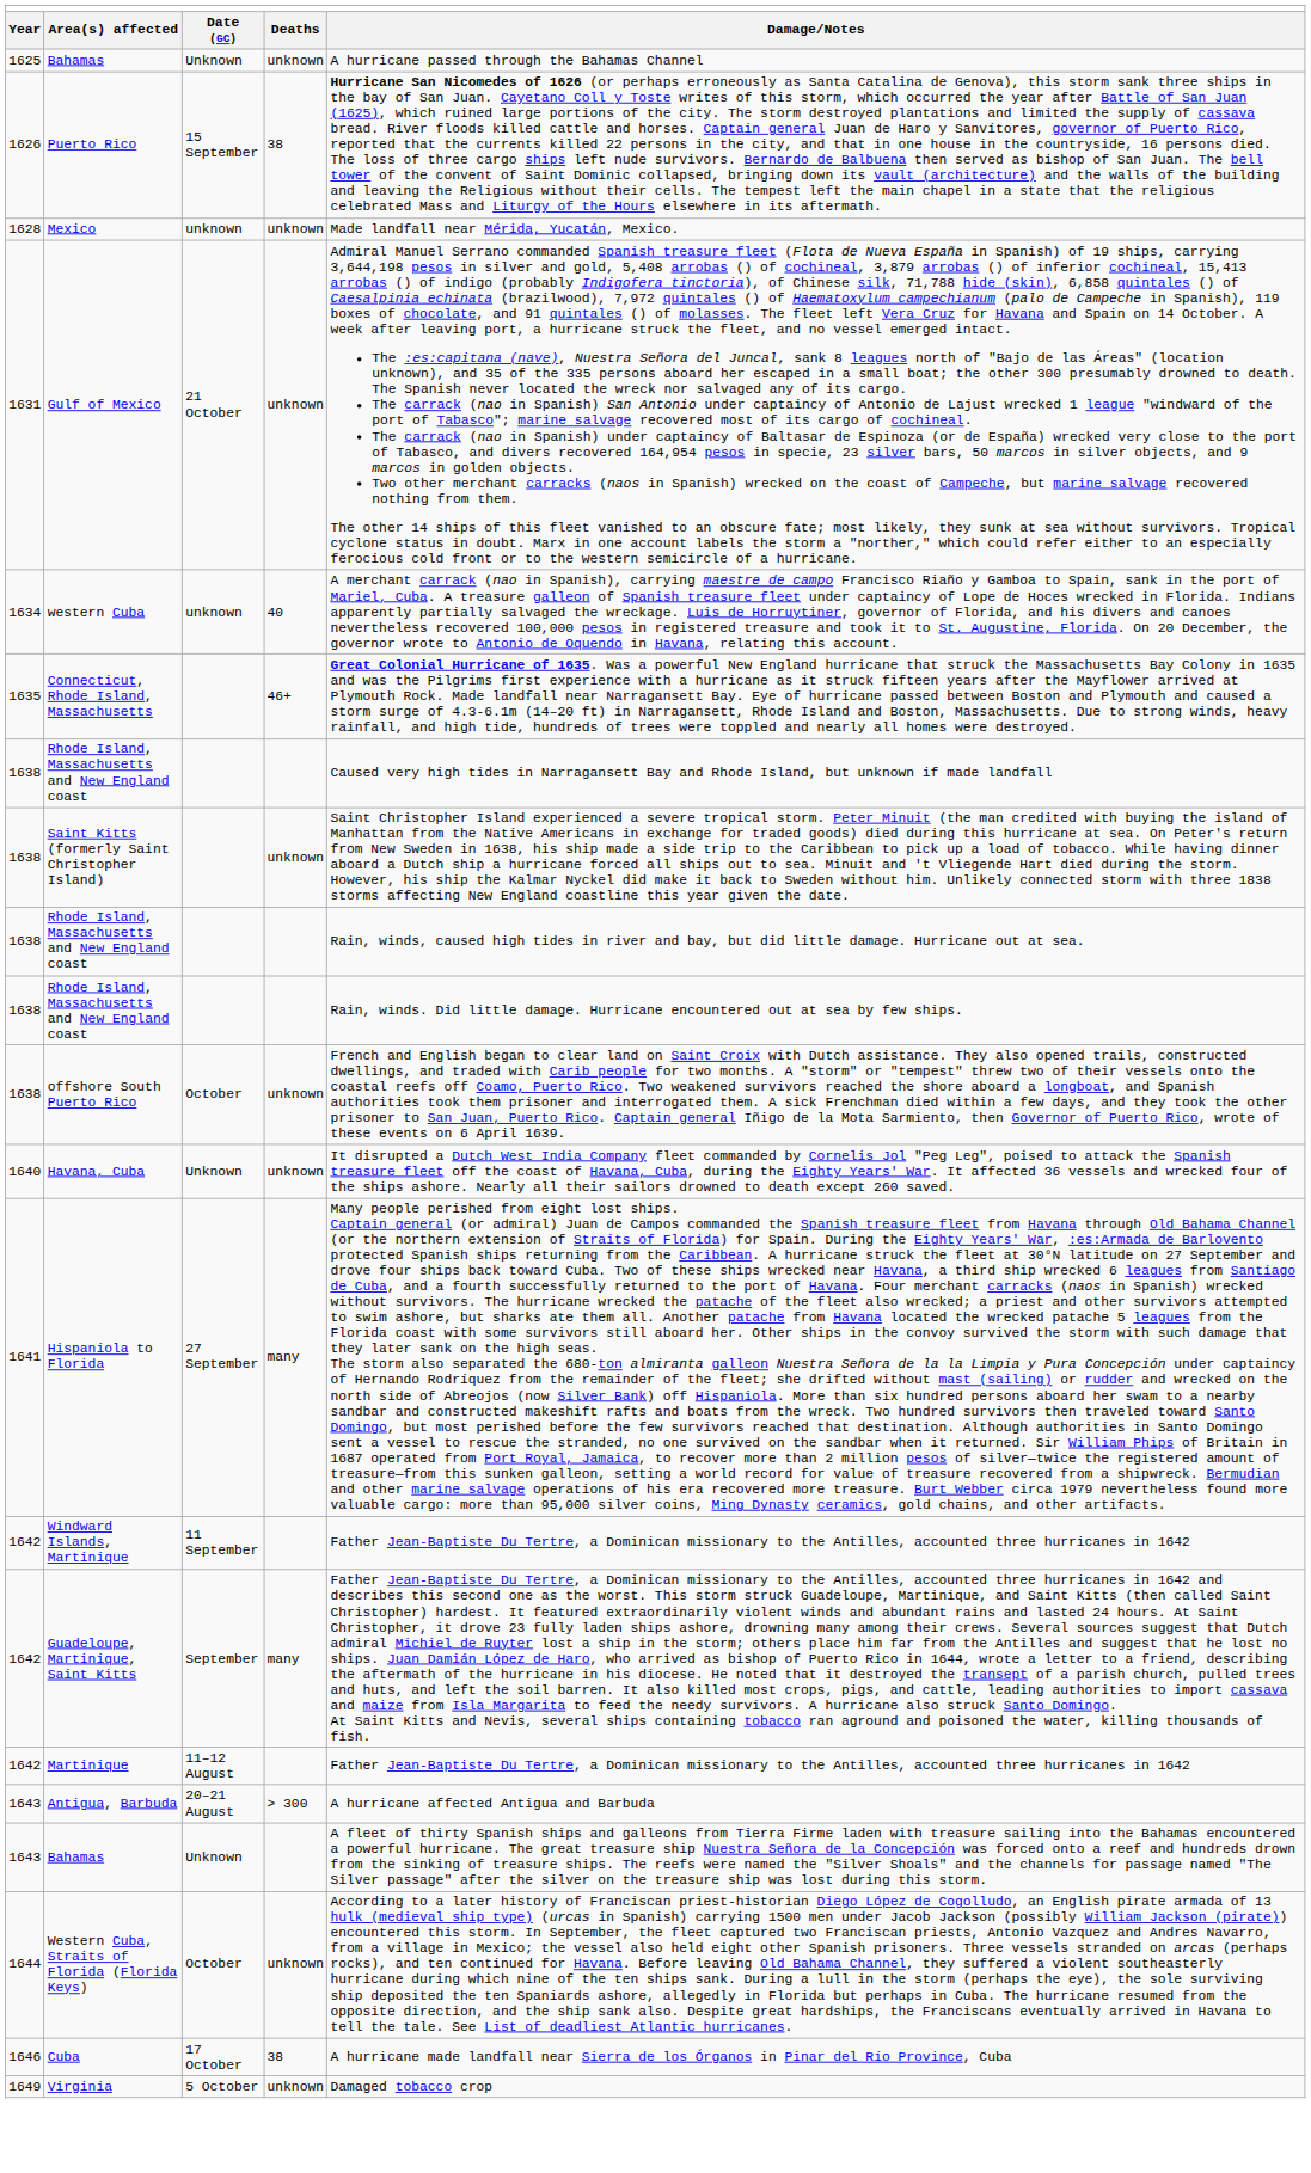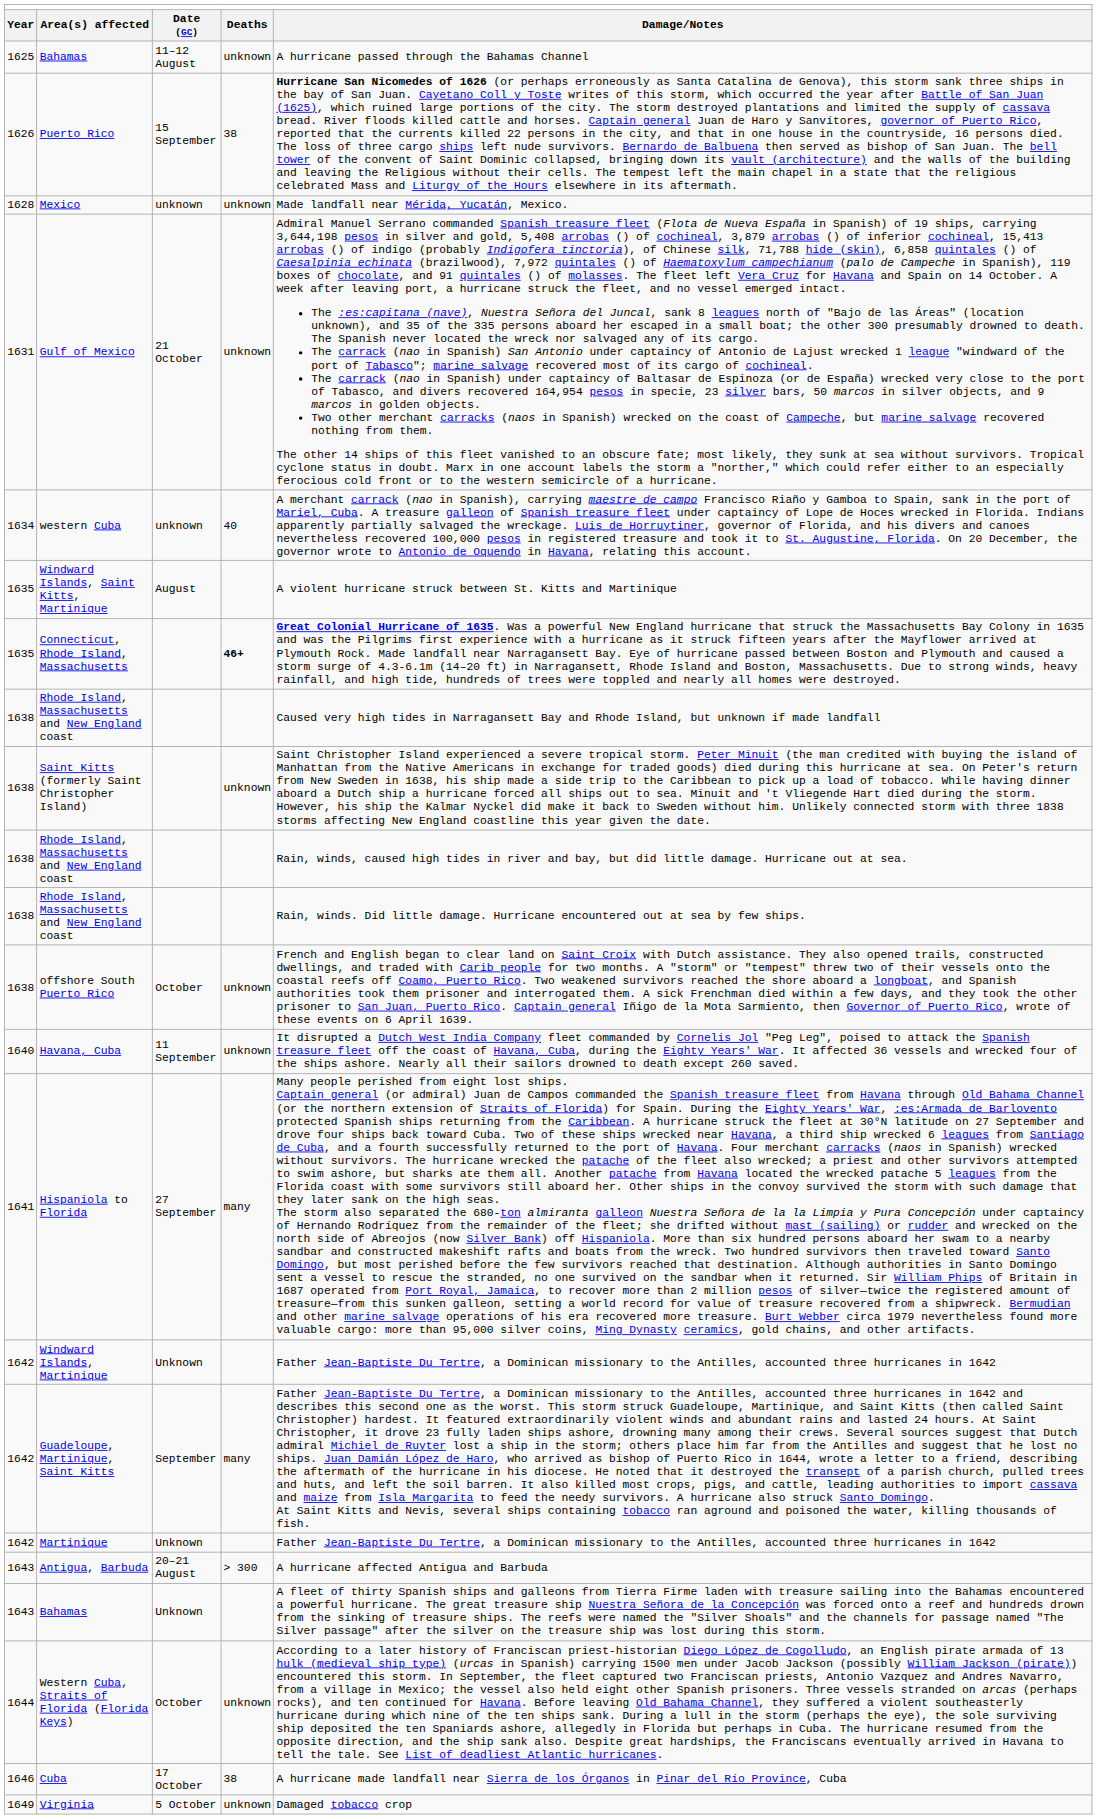 <table class="wikitable">
 <tr style="background:white">
 <td colspan=5></td>
 </tr>
 <tr>
 <th>Year</th>
 <th>Area(s) affected</th>
 <th>Date<br><small>(<a href='#'>GC</a>)</small></th>
 <th>Deaths</th>
 <th>Damage/Notes</th>
 </tr>
 <tr>
 <td>1625</td>
 <td><a href='#'>Bahamas</a></td>
-<td>Unknown</td>
+<td>11–12 August</td>
 <td>unknown</td>
 <td>A hurricane passed through the Bahamas Channel </td>
 </tr>
 <tr>
 <td>1626</td>
 <td><a href='#'>Puerto Rico</a></td>
 <td>15 September</td>
 <td>38</td>
 <td><strong>Hurricane San Nicomedes of 1626</strong> (or perhaps erroneously as Santa Catalina de Genova), this storm sank three ships in the bay of San Juan. <a href='#'>Cayetano Coll y Toste</a> writes of this storm, which occurred the year after <a href='#'>Battle of San Juan (1625)</a>, which ruined large portions of the city. The storm destroyed plantations and limited the supply of <a href='#'>cassava</a> bread. River floods killed cattle and horses. <a href='#'>Captain general</a> Juan de Haro y Sanvítores, <a href='#'>governor of Puerto Rico</a>, reported that the currents killed 22 persons in the city, and that in one house in the countryside, 16 persons died. The loss of three cargo <a href='#'>ships</a> left nude survivors. <a href='#'>Bernardo de Balbuena</a> then served as bishop of San Juan. The <a href='#'>bell tower</a> of the convent of Saint Dominic collapsed, bringing down its <a href='#'>vault (architecture)</a> and the walls of the building and leaving the Religious without their cells. The tempest left the main chapel in a state that the religious celebrated Mass and <a href='#'>Liturgy of the Hours</a> elsewhere in its aftermath.</td>
 </tr>
 <tr>
 <td>1628</td>
 <td><a href='#'>Mexico</a></td>
 <td>unknown</td>
 <td>unknown</td>
 <td>Made landfall near <a href='#'>Mérida, Yucatán</a>, Mexico.</td>
 </tr>
 <tr>
 <td>1631</td>
 <td><a href='#'>Gulf of Mexico</a></td>
 <td>21 October</td>
 <td>unknown</td>
 <td>Admiral Manuel Serrano commanded <a href='#'>Spanish treasure fleet</a> (<em>Flota de Nueva España</em> in Spanish) of 19 ships, carrying 3,644,198 <a href='#'>pesos</a> in silver and gold, 5,408 <a href='#'>arrobas</a> () of <a href='#'>cochineal</a>, 3,879 <a href='#'>arrobas</a> () of inferior <a href='#'>cochineal</a>, 15,413 <a href='#'>arrobas</a> () of indigo (probably <em><a href='#'>Indigofera tinctoria</a></em>),  of Chinese <a href='#'>silk</a>, 71,788 <a href='#'>hide (skin)</a>, 6,858 <a href='#'>quintales</a> () of <em><a href='#'>Caesalpinia echinata</a></em> (brazilwood), 7,972 <a href='#'>quintales</a> () of <em><a href='#'>Haematoxylum campechianum</a></em> (<em>palo de Campeche</em> in Spanish), 119 boxes of <a href='#'>chocolate</a>, and 91 <a href='#'>quintales</a> () of <a href='#'>molasses</a>. The fleet left <a href='#'>Vera Cruz</a> for <a href='#'>Havana</a> and Spain on 14 October. A week after leaving port, a hurricane struck the fleet, and no vessel emerged intact.<br><ul><li>The <em><a href='#'>:es:capitana (nave)</a></em>, <em>Nuestra Señora del Juncal</em>, sank 8 <a href='#'>leagues</a> north of "Bajo de las Áreas" (location unknown), and 35 of the 335 persons aboard her escaped in a small boat; the other 300 presumably drowned to death. The Spanish never located the wreck nor salvaged any of its cargo.</li><li>The <a href='#'>carrack</a> (<em>nao</em> in Spanish) <em>San Antonio</em> under captaincy of Antonio de Lajust wrecked 1 <a href='#'>league</a> "windward of the port of <a href='#'>Tabasco</a>"; <a href='#'>marine salvage</a> recovered most of its cargo of <a href='#'>cochineal</a>.</li><li>The <a href='#'>carrack</a> (<em>nao</em> in Spanish) under captaincy of Baltasar de Espinoza (or de España) wrecked very close to the port of Tabasco, and divers recovered 164,954 <a href='#'>pesos</a> in specie, 23 <a href='#'>silver</a> bars, 50 <em>marcos</em> in silver objects, and 9 <em>marcos</em> in golden objects.</li><li>Two other merchant <a href='#'>carracks</a> (<em>naos</em> in Spanish) wrecked on the coast of <a href='#'>Campeche</a>, but <a href='#'>marine salvage</a> recovered nothing from them.</li></ul>The other 14 ships of this fleet vanished to an obscure fate; most likely, they sunk at sea without survivors. Tropical cyclone status in doubt. Marx in one account labels the storm a "norther," which could refer either to an especially ferocious cold front or to the western semicircle of a hurricane.</td>
 </tr>
 <tr>
 <td>1634</td>
 <td>western <a href='#'>Cuba</a></td>
 <td>unknown</td>
 <td>40</td>
 <td>A merchant <a href='#'>carrack</a> (<em>nao</em> in Spanish), carrying <em><a href='#'>maestre de campo</a></em> Francisco Riaño y Gamboa to Spain, sank in the port of <a href='#'>Mariel, Cuba</a>. A treasure <a href='#'>galleon</a> of <a href='#'>Spanish treasure fleet</a> under captaincy of Lope de Hoces wrecked in Florida. Indians apparently partially salvaged the wreckage. <a href='#'>Luis de Horruytiner</a>, governor of Florida, and his divers and canoes nevertheless recovered 100,000 <a href='#'>pesos</a> in registered treasure and took it to <a href='#'>St. Augustine, Florida</a>. On 20 December, the governor wrote to <a href='#'>Antonio de Oquendo</a> in <a href='#'>Havana</a>, relating this account.</td>
 </tr>
 <tr>
 <td>1635</td>
+<td><a href='#'>Windward Islands</a>, <a href='#'>Saint Kitts</a>, <a href='#'>Martinique</a></td>
+<td>August</td>
+<td></td>
+<td>A violent hurricane struck between St. Kitts and Martinique </td>
+</tr>
+<tr>
+<td>1635</td>
 <td><a href='#'>Connecticut</a>, <a href='#'>Rhode Island</a>, <a href='#'>Massachusetts</a></td>
 <td></td>
-<td>46+</td>
+<td><strong>46+</strong></td>
 <td><strong><a href='#'>Great Colonial Hurricane of 1635</a></strong>. Was a powerful New England hurricane that struck the Massachusetts Bay Colony in 1635 and was the Pilgrims first experience with a hurricane as it struck fifteen years after the Mayflower arrived at Plymouth Rock. Made landfall near Narragansett Bay. Eye of hurricane passed between Boston and Plymouth and caused a storm surge of 4.3-6.1m (14–20 ft) in Narragansett, Rhode Island and Boston, Massachusetts. Due to strong winds, heavy rainfall, and high tide, hundreds of trees were toppled and nearly all homes were destroyed.</td>
 </tr>
 <tr>
 <td>1638</td>
 <td><a href='#'>Rhode Island</a>, <a href='#'>Massachusetts</a> and <a href='#'>New England</a> coast</td>
 <td></td>
 <td></td>
 <td>Caused very high tides in Narragansett Bay and Rhode Island, but unknown if made landfall </td>
 </tr>
 <tr>
 <td>1638</td>
 <td><a href='#'>Saint Kitts</a> (formerly Saint Christopher Island)</td>
 <td></td>
 <td>unknown</td>
 <td>Saint Christopher Island experienced a severe tropical storm. <a href='#'>Peter Minuit</a> (the man credited with buying the island of Manhattan from the Native Americans in exchange for traded goods) died during this hurricane at sea. On Peter's return from New Sweden in 1638, his ship made a side trip to the Caribbean to pick up a load of tobacco. While having dinner aboard a Dutch ship a hurricane forced all ships out to sea. Minuit and 't Vliegende Hart died during the storm. However, his ship the Kalmar Nyckel did make it back to Sweden without him. Unlikely connected storm with three 1838 storms affecting New England coastline this year given the date.</td>
 </tr>
 <tr>
 <td>1638</td>
 <td><a href='#'>Rhode Island</a>, <a href='#'>Massachusetts</a> and <a href='#'>New England</a> coast</td>
 <td></td>
 <td></td>
 <td>Rain, winds, caused high tides in river and bay, but did little damage. Hurricane out at sea.</td>
 </tr>
 <tr>
 <td>1638</td>
 <td><a href='#'>Rhode Island</a>, <a href='#'>Massachusetts</a> and <a href='#'>New England</a> coast</td>
 <td></td>
 <td></td>
 <td>Rain, winds. Did little damage. Hurricane encountered out at sea by few ships.</td>
 </tr>
 <tr>
 <td>1638</td>
 <td>offshore South <a href='#'>Puerto Rico</a></td>
 <td>October</td>
 <td>unknown</td>
 <td>French and English began to clear land on <a href='#'>Saint Croix</a> with Dutch assistance. They also opened trails, constructed dwellings, and traded with <a href='#'>Carib people</a> for two months. A "storm" or "tempest" threw two of their vessels onto the coastal reefs off <a href='#'>Coamo, Puerto Rico</a>. Two weakened survivors reached the shore aboard a <a href='#'>longboat</a>, and Spanish authorities took them prisoner and interrogated them. A sick Frenchman died within a few days, and they took the other prisoner to <a href='#'>San Juan, Puerto Rico</a>. <a href='#'>Captain general</a> Iñigo de la Mota Sarmiento, then <a href='#'>Governor of Puerto Rico</a>, wrote of these events on 6 April 1639.</td>
 </tr>
 <tr>
 <td>1640</td>
 <td><a href='#'>Havana, Cuba</a></td>
-<td>Unknown</td>
+<td>11 September</td>
 <td>unknown</td>
 <td>It disrupted a <a href='#'>Dutch West India Company</a> fleet commanded by <a href='#'>Cornelis Jol</a> "Peg Leg", poised to attack the <a href='#'>Spanish treasure fleet</a> off the coast of <a href='#'>Havana, Cuba</a>, during the <a href='#'>Eighty Years' War</a>. It affected 36 vessels and wrecked four of the ships ashore. Nearly all their sailors drowned to death except 260 saved.</td>
 </tr>
 <tr>
 <td>1641</td>
 <td><a href='#'>Hispaniola</a> to <a href='#'>Florida</a></td>
 <td>27 September</td>
 <td>many</td>
 <td>Many people perished from eight lost ships.<br><a href='#'>Captain general</a> (or admiral) Juan de Campos commanded the <a href='#'>Spanish treasure fleet</a> from <a href='#'>Havana</a> through <a href='#'>Old Bahama Channel</a> (or the northern extension of <a href='#'>Straits of Florida</a>) for Spain. During the <a href='#'>Eighty Years' War</a>, <a href='#'>:es:Armada de Barlovento</a> protected Spanish ships returning from the <a href='#'>Caribbean</a>. A hurricane struck the fleet at 30°N latitude on 27 September and drove four ships back toward Cuba. Two of these ships wrecked near <a href='#'>Havana</a>, a third ship wrecked 6 <a href='#'>leagues</a> from <a href='#'>Santiago de Cuba</a>, and a fourth successfully returned to the port of <a href='#'>Havana</a>. Four merchant <a href='#'>carracks</a> (<em>naos</em> in Spanish) wrecked without survivors. The hurricane wrecked the <a href='#'>patache</a> of the fleet also wrecked; a priest and other survivors attempted to swim ashore, but sharks ate them all. Another <a href='#'>patache</a> from <a href='#'>Havana</a> located the wrecked patache 5 <a href='#'>leagues</a> from the Florida coast with some survivors still aboard her. Other ships in the convoy survived the storm with such damage that they later sank on the high seas.<br>The storm also separated the 680-<a href='#'>ton</a> <em>almiranta</em> <a href='#'>galleon</a> <em>Nuestra Señora de la la Limpia y Pura Concepción</em> under captaincy of Hernando Rodríquez from the remainder of the fleet; she drifted without <a href='#'>mast (sailing)</a> or <a href='#'>rudder</a> and wrecked on the north side of Abreojos (now <a href='#'>Silver Bank</a>) off <a href='#'>Hispaniola</a>. More than six hundred persons aboard her swam to a nearby sandbar and constructed makeshift rafts and boats from the wreck. Two hundred survivors then traveled toward <a href='#'>Santo Domingo</a>, but most perished before the few survivors reached that destination. Although authorities in Santo Domingo sent a vessel to rescue the stranded, no one survived on the sandbar when it returned. Sir <a href='#'>William Phips</a> of Britain in 1687 operated from <a href='#'>Port Royal, Jamaica</a>, to recover more than 2 million <a href='#'>pesos</a> of silver—twice the registered amount of treasure—from this sunken galleon, setting a world record for value of treasure recovered from a shipwreck. <a href='#'>Bermudian</a> and other <a href='#'>marine salvage</a> operations of his era recovered more treasure. <a href='#'>Burt Webber</a> circa 1979 nevertheless found more valuable cargo: more than 95,000 silver coins, <a href='#'>Ming Dynasty</a> <a href='#'>ceramics</a>, gold chains, and other artifacts.</td>
 </tr>
 <tr>
 <td>1642</td>
 <td><a href='#'>Windward Islands</a>, <a href='#'>Martinique</a></td>
-<td>11 September</td>
+<td>Unknown</td>
 <td></td>
 <td>Father <a href='#'>Jean-Baptiste Du Tertre</a>, a Dominican missionary to the Antilles, accounted three hurricanes in 1642 </td>
 </tr>
 <tr>
 <td>1642</td>
 <td><a href='#'>Guadeloupe</a>, <a href='#'>Martinique</a>, <a href='#'>Saint Kitts</a></td>
 <td>September</td>
 <td>many</td>
 <td>Father <a href='#'>Jean-Baptiste Du Tertre</a>, a Dominican missionary to the Antilles, accounted three hurricanes in 1642 and describes this second one as the worst. This storm struck Guadeloupe, Martinique, and Saint Kitts (then called Saint Christopher) hardest. It featured extraordinarily violent winds and abundant rains and lasted 24 hours. At Saint Christopher, it drove 23 fully laden ships ashore, drowning many among their crews. Several sources suggest that Dutch admiral <a href='#'>Michiel de Ruyter</a> lost a ship in the storm; others place him far from the Antilles and suggest that he lost no ships. <a href='#'>Juan Damián López de Haro</a>, who arrived as bishop of Puerto Rico in 1644, wrote a letter to a friend, describing the aftermath of the hurricane in his diocese. He noted that it destroyed the <a href='#'>transept</a> of a parish church, pulled trees and huts, and left the soil barren. It also killed most crops, pigs, and cattle, leading authorities to import <a href='#'>cassava</a> and <a href='#'>maize</a> from <a href='#'>Isla Margarita</a> to feed the needy survivors. A hurricane also struck <a href='#'>Santo Domingo</a>.<br>At Saint Kitts and Nevis, several ships containing <a href='#'>tobacco</a> ran aground and poisoned the water, killing thousands of fish.</td>
 </tr>
 <tr>
 <td>1642</td>
 <td><a href='#'>Martinique</a></td>
-<td>11–12 August</td>
+<td>Unknown</td>
 <td></td>
 <td>Father <a href='#'>Jean-Baptiste Du Tertre</a>, a Dominican missionary to the Antilles, accounted three hurricanes in 1642 </td>
 </tr>
 <tr>
 <td>1643</td>
 <td><a href='#'>Antigua</a>, <a href='#'>Barbuda</a></td>
 <td>20–21 August</td>
 <td>> 300</td>
 <td>A hurricane affected Antigua and Barbuda</td>
 </tr>
 <tr>
 <td>1643</td>
 <td><a href='#'>Bahamas</a></td>
 <td>Unknown</td>
 <td></td>
 <td>A fleet of thirty Spanish ships and galleons from Tierra Firme laden with treasure sailing into the Bahamas encountered a powerful hurricane. The great treasure ship <a href='#'>Nuestra Señora de la Concepción</a> was forced onto a reef and hundreds drown from the sinking of treasure ships. The reefs were named the "Silver Shoals" and the channels for passage named "The Silver passage" after the silver on the treasure ship was lost during this storm.</td>
 </tr>
 <tr>
 <td>1644</td>
 <td>Western <a href='#'>Cuba</a>, <a href='#'>Straits of Florida</a> (<a href='#'>Florida Keys</a>)</td>
 <td>October</td>
 <td>unknown</td>
 <td>According to a later history of Franciscan priest-historian <a href='#'>Diego López de Cogolludo</a>, an English pirate armada of 13 <a href='#'>hulk (medieval ship type)</a> (<em>urcas</em> in Spanish) carrying 1500 men under Jacob Jackson (possibly <a href='#'>William Jackson (pirate)</a>) encountered this storm. In September, the fleet captured two Franciscan priests, Antonio Vazquez and Andres Navarro, from a village in Mexico; the vessel also held eight other Spanish prisoners. Three vessels stranded on <em>arcas</em> (perhaps rocks), and ten continued for <a href='#'>Havana</a>. Before leaving <a href='#'>Old Bahama Channel</a>, they suffered a violent southeasterly hurricane during which nine of the ten ships sank. During a lull in the storm (perhaps the eye), the sole surviving ship deposited the ten Spaniards ashore, allegedly in Florida but perhaps in Cuba. The hurricane resumed from the opposite direction, and the ship sank also. Despite great hardships, the Franciscans eventually arrived in Havana to tell the tale. See <a href='#'>List of deadliest Atlantic hurricanes</a>.</td>
 </tr>
 <tr>
 <td>1646</td>
 <td><a href='#'>Cuba</a></td>
 <td>17 October</td>
 <td>38</td>
 <td>A hurricane made landfall near <a href='#'>Sierra de los Órganos</a> in <a href='#'>Pinar del Río Province</a>, Cuba </td>
 </tr>
 <tr>
 <td>1649</td>
 <td><a href='#'>Virginia</a></td>
 <td>5 October</td>
 <td>unknown</td>
 <td>Damaged <a href='#'>tobacco</a> crop</td>
 </tr>
 </table>
